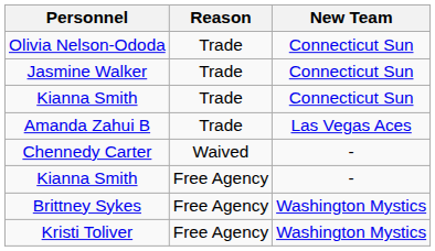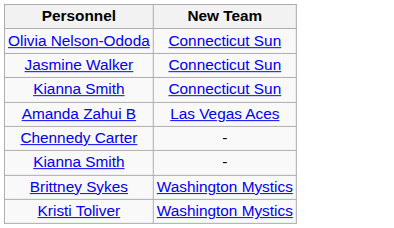 <table class="wikitable" style="text-align: center">
 <tr align="center"  bgcolor="#dddddd">
 <th><strong>Personnel</strong></th>
-<th><strong>Reason</strong></th>
 <th><strong>New Team</strong></th>
 </tr>
 <tr>
 <td><a href='#'>Olivia Nelson-Ododa</a></td>
-<td>Trade</td>
 <td><a href='#'>Connecticut Sun</a></td>
 </tr>
 <tr>
 <td><a href='#'>Jasmine Walker</a></td>
-<td>Trade</td>
 <td><a href='#'>Connecticut Sun</a></td>
 </tr>
 <tr>
 <td><a href='#'>Kianna Smith</a></td>
-<td>Trade</td>
 <td><a href='#'>Connecticut Sun</a></td>
 </tr>
 <tr>
 <td><a href='#'>Amanda Zahui B</a></td>
-<td>Trade</td>
 <td><a href='#'>Las Vegas Aces</a></td>
 </tr>
 <tr>
 <td><a href='#'>Chennedy Carter</a></td>
-<td>Waived</td>
 <td>-</td>
 </tr>
 <tr>
 <td><a href='#'>Kianna Smith</a></td>
-<td>Free Agency</td>
 <td>-</td>
 </tr>
 <tr>
 <td><a href='#'>Brittney Sykes</a></td>
-<td>Free Agency</td>
 <td><a href='#'>Washington Mystics</a></td>
 </tr>
 <tr>
 <td><a href='#'>Kristi Toliver</a></td>
-<td>Free Agency</td>
 <td><a href='#'>Washington Mystics</a></td>
 </tr>
 </table>
